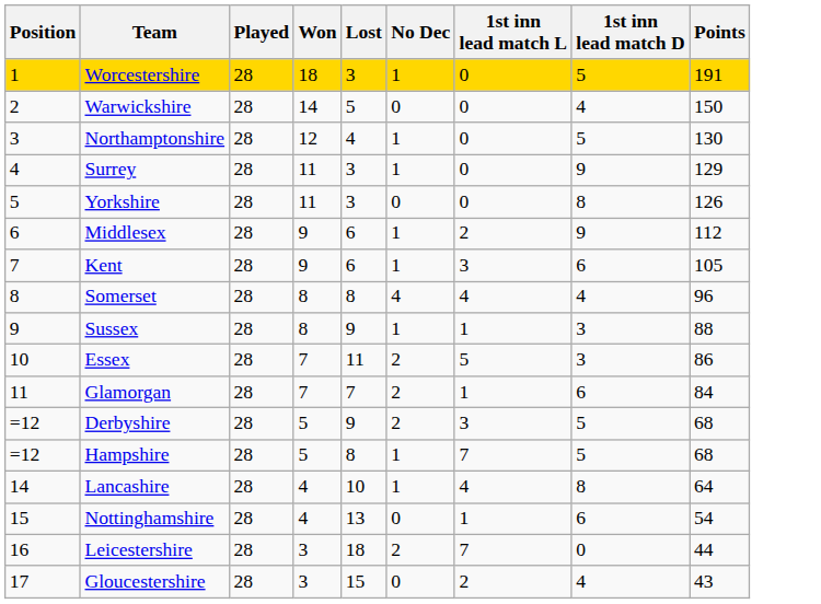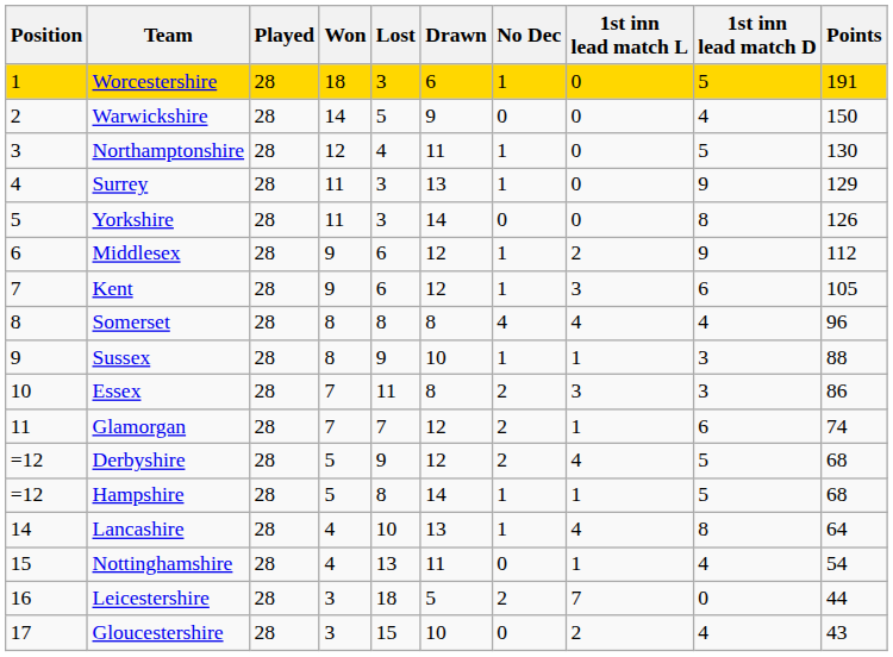 <table class="wikitable" style="font-size:85%;">
 <tr>
 <th>Position</th>
 <th>Team</th>
 <th>Played</th>
 <th>Won</th>
 <th>Lost</th>
+<th>Drawn</th>
 <th>No Dec</th>
 <th>1st inn<br>lead match L</th>
 <th>1st inn<br>lead match D</th>
 <th>Points</th>
 </tr>
 <tr>
 <td bgcolor="gold">1</td>
 <td bgcolor="gold"><a href='#'>Worcestershire</a></td>
 <td bgcolor="gold">28</td>
 <td bgcolor="gold">18</td>
 <td bgcolor="gold">3</td>
+<td bgcolor="gold">6</td>
 <td bgcolor="gold">1</td>
 <td bgcolor="gold">0</td>
 <td bgcolor="gold">5</td>
 <td bgcolor="gold">191</td>
 </tr>
 <tr>
 <td>2</td>
 <td><a href='#'>Warwickshire</a></td>
 <td>28</td>
 <td>14</td>
 <td>5</td>
+<td>9</td>
 <td>0</td>
 <td>0</td>
 <td>4</td>
 <td>150</td>
 </tr>
 <tr>
 <td>3</td>
 <td><a href='#'>Northamptonshire</a></td>
 <td>28</td>
 <td>12</td>
 <td>4</td>
+<td>11</td>
 <td>1</td>
 <td>0</td>
 <td>5</td>
 <td>130</td>
 </tr>
 <tr>
 <td>4</td>
 <td><a href='#'>Surrey</a></td>
 <td>28</td>
 <td>11</td>
 <td>3</td>
+<td>13</td>
 <td>1</td>
 <td>0</td>
 <td>9</td>
 <td>129</td>
 </tr>
 <tr>
 <td>5</td>
 <td><a href='#'>Yorkshire</a></td>
 <td>28</td>
 <td>11</td>
 <td>3</td>
+<td>14</td>
 <td>0</td>
 <td>0</td>
 <td>8</td>
 <td>126</td>
 </tr>
 <tr>
 <td>6</td>
 <td><a href='#'>Middlesex</a></td>
 <td>28</td>
 <td>9</td>
 <td>6</td>
+<td>12</td>
 <td>1</td>
 <td>2</td>
 <td>9</td>
 <td>112</td>
 </tr>
 <tr>
 <td>7</td>
 <td><a href='#'>Kent</a></td>
 <td>28</td>
 <td>9</td>
 <td>6</td>
+<td>12</td>
 <td>1</td>
 <td>3</td>
 <td>6</td>
 <td>105</td>
 </tr>
 <tr>
 <td>8</td>
 <td><a href='#'>Somerset</a></td>
 <td>28</td>
+<td>8</td>
 <td>8</td>
 <td>8</td>
 <td>4</td>
 <td>4</td>
 <td>4</td>
 <td>96</td>
 </tr>
 <tr>
 <td>9</td>
 <td><a href='#'>Sussex</a></td>
 <td>28</td>
 <td>8</td>
 <td>9</td>
+<td>10</td>
 <td>1</td>
 <td>1</td>
 <td>3</td>
 <td>88</td>
 </tr>
 <tr>
 <td>10</td>
 <td><a href='#'>Essex</a></td>
 <td>28</td>
 <td>7</td>
 <td>11</td>
+<td>8</td>
 <td>2</td>
-<td>5</td>
+<td>3</td>
 <td>3</td>
 <td>86</td>
 </tr>
 <tr>
 <td>11</td>
 <td><a href='#'>Glamorgan</a></td>
 <td>28</td>
 <td>7</td>
 <td>7</td>
+<td>12</td>
 <td>2</td>
 <td>1</td>
 <td>6</td>
-<td>84</td>
+<td>74</td>
 </tr>
 <tr>
 <td>=12</td>
 <td><a href='#'>Derbyshire</a></td>
 <td>28</td>
 <td>5</td>
 <td>9</td>
+<td>12</td>
 <td>2</td>
-<td>3</td>
+<td>4</td>
 <td>5</td>
 <td>68</td>
 </tr>
 <tr>
 <td>=12</td>
 <td><a href='#'>Hampshire</a></td>
 <td>28</td>
 <td>5</td>
 <td>8</td>
+<td>14</td>
 <td>1</td>
-<td>7</td>
+<td>1</td>
 <td>5</td>
 <td>68</td>
 </tr>
 <tr>
 <td>14</td>
 <td><a href='#'>Lancashire</a></td>
 <td>28</td>
 <td>4</td>
 <td>10</td>
+<td>13</td>
 <td>1</td>
 <td>4</td>
 <td>8</td>
 <td>64</td>
 </tr>
 <tr>
 <td>15</td>
 <td><a href='#'>Nottinghamshire</a></td>
 <td>28</td>
 <td>4</td>
 <td>13</td>
+<td>11</td>
 <td>0</td>
 <td>1</td>
-<td>6</td>
+<td>4</td>
 <td>54</td>
 </tr>
 <tr>
 <td>16</td>
 <td><a href='#'>Leicestershire</a></td>
 <td>28</td>
 <td>3</td>
 <td>18</td>
+<td>5</td>
 <td>2</td>
 <td>7</td>
 <td>0</td>
 <td>44</td>
 </tr>
 <tr>
 <td>17</td>
 <td><a href='#'>Gloucestershire</a></td>
 <td>28</td>
 <td>3</td>
 <td>15</td>
+<td>10</td>
 <td>0</td>
 <td>2</td>
 <td>4</td>
 <td>43</td>
 </tr>
 </table>
